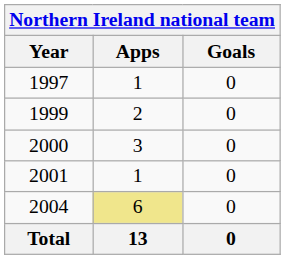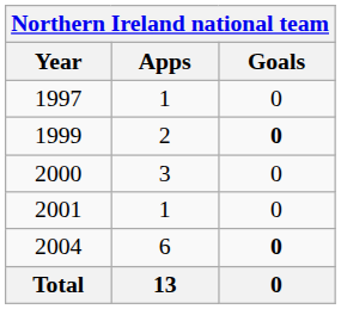 <table class="wikitable" style="text-align:center">
 <tr>
 <th colspan=3><a href='#'>Northern Ireland national team</a></th>
 </tr>
 <tr>
 <th>Year</th>
 <th>Apps</th>
 <th>Goals</th>
 </tr>
 <tr>
 <td>1997</td>
 <td>1</td>
 <td>0</td>
 </tr>
 <tr>
 <td>1999</td>
 <td>2</td>
-<td>0</td>
+<td><strong>0</strong></td>
 </tr>
 <tr>
 <td>2000</td>
 <td>3</td>
 <td>0</td>
 </tr>
 <tr>
 <td>2001</td>
 <td>1</td>
 <td>0</td>
 </tr>
 <tr>
 <td>2004</td>
-<td style="background: khaki;">6</td>
-<td>0</td>
+<td>6</td>
+<td><strong>0</strong></td>
 </tr>
 <tr>
 <th>Total</th>
 <th>13</th>
 <th>0</th>
 </tr>
 </table>
